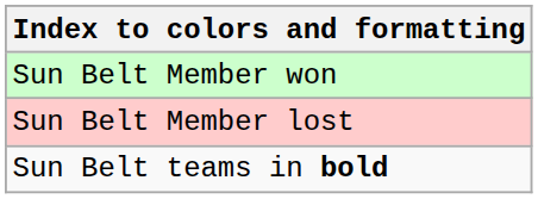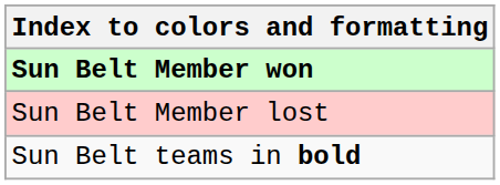 <table class="wikitable">
 <tr>
 <th>Index to colors and formatting</th>
 </tr>
 <tr style="background:#cfc">
-<td>Sun Belt Member won</td>
+<td><strong>Sun Belt Member won</strong></td>
 </tr>
 <tr style="background:#fcc">
 <td>Sun Belt Member lost</td>
 </tr>
 <tr>
 <td>Sun Belt teams in <strong>bold</strong></td>
 </tr>
 </table>
